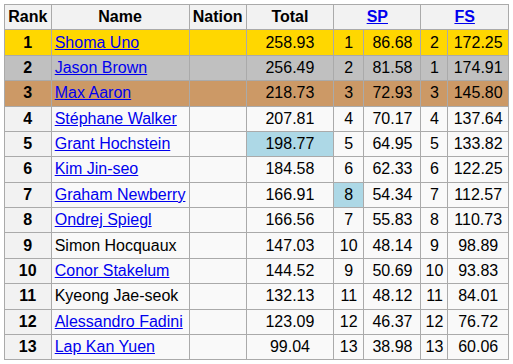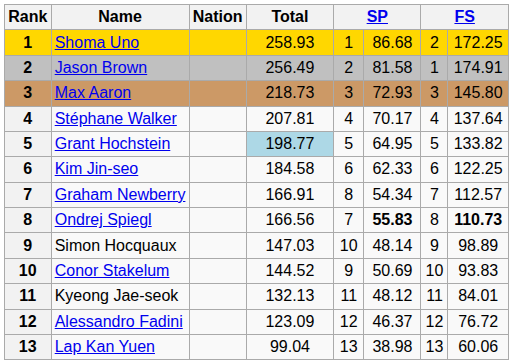 <table class="wikitable sortable">
 <tr>
 <th>Rank</th>
 <th>Name</th>
 <th>Nation</th>
 <th width="80px">Total</th>
 <th colspan="2" width="80px"><a href='#'>SP</a></th>
 <th colspan="2" width="80px"><a href='#'>FS</a></th>
 </tr>
 <tr bgcolor="gold">
 <td align="center"><strong>1</strong></td>
 <td><a href='#'>Shoma Uno</a></td>
 <td></td>
 <td align="center">258.93</td>
 <td align="center">1</td>
 <td align="center">86.68</td>
 <td align="center">2</td>
 <td align="center">172.25</td>
 </tr>
 <tr bgcolor="silver">
 <td align="center"><strong>2</strong></td>
 <td><a href='#'>Jason Brown</a></td>
 <td></td>
 <td align="center">256.49</td>
 <td align="center">2</td>
 <td align="center">81.58</td>
 <td align="center">1</td>
 <td align="center">174.91</td>
 </tr>
 <tr bgcolor="cc9966">
 <td align="center"><strong>3</strong></td>
 <td><a href='#'>Max Aaron</a></td>
 <td></td>
 <td align="center">218.73</td>
 <td align="center">3</td>
 <td align="center">72.93</td>
 <td align="center">3</td>
 <td align="center">145.80</td>
 </tr>
 <tr>
 <th>4</th>
 <td><a href='#'>Stéphane Walker</a></td>
 <td></td>
 <td align="center">207.81</td>
 <td align="center">4</td>
 <td align="center">70.17</td>
 <td align="center">4</td>
 <td align="center">137.64</td>
 </tr>
 <tr>
 <th>5</th>
 <td><a href='#'>Grant Hochstein</a></td>
 <td></td>
 <td align="center" style="background: lightblue;">198.77</td>
 <td align="center">5</td>
 <td align="center">64.95</td>
 <td align="center">5</td>
 <td align="center">133.82</td>
 </tr>
 <tr>
 <th>6</th>
 <td><a href='#'>Kim Jin-seo</a></td>
 <td></td>
 <td align="center">184.58</td>
 <td align="center">6</td>
 <td align="center">62.33</td>
 <td align="center">6</td>
 <td align="center">122.25</td>
 </tr>
 <tr>
 <th>7</th>
 <td><a href='#'>Graham Newberry</a></td>
 <td></td>
 <td align="center">166.91</td>
-<td align="center" style="background: lightblue;">8</td>
+<td align="center">8</td>
 <td align="center">54.34</td>
 <td align="center">7</td>
 <td align="center">112.57</td>
 </tr>
 <tr>
 <th>8</th>
 <td><a href='#'>Ondrej Spiegl</a></td>
 <td></td>
 <td align="center">166.56</td>
 <td align="center">7</td>
-<td align="center">55.83</td>
+<td align="center"><strong>55.83</strong></td>
 <td align="center">8</td>
-<td align="center">110.73</td>
+<td align="center"><strong>110.73</strong></td>
 </tr>
 <tr>
 <th>9</th>
 <td>Simon Hocquaux</td>
 <td></td>
 <td align="center">147.03</td>
 <td align="center">10</td>
 <td align="center">48.14</td>
 <td align="center">9</td>
 <td align="center">98.89</td>
 </tr>
 <tr>
 <th>10</th>
 <td><a href='#'>Conor Stakelum</a></td>
 <td></td>
 <td align="center">144.52</td>
 <td align="center">9</td>
 <td align="center">50.69</td>
 <td align="center">10</td>
 <td align="center">93.83</td>
 </tr>
 <tr>
 <th>11</th>
 <td>Kyeong Jae-seok</td>
 <td></td>
 <td align="center">132.13</td>
 <td align="center">11</td>
 <td align="center">48.12</td>
 <td align="center">11</td>
 <td align="center">84.01</td>
 </tr>
 <tr>
 <th>12</th>
 <td><a href='#'>Alessandro Fadini</a></td>
 <td></td>
 <td align="center">123.09</td>
 <td align="center">12</td>
 <td align="center">46.37</td>
 <td align="center">12</td>
 <td align="center">76.72</td>
 </tr>
 <tr>
 <th>13</th>
 <td><a href='#'>Lap Kan Yuen</a></td>
 <td></td>
 <td align="center">99.04</td>
 <td align="center">13</td>
 <td align="center">38.98</td>
 <td align="center">13</td>
 <td align="center">60.06</td>
 </tr>
 </table>
